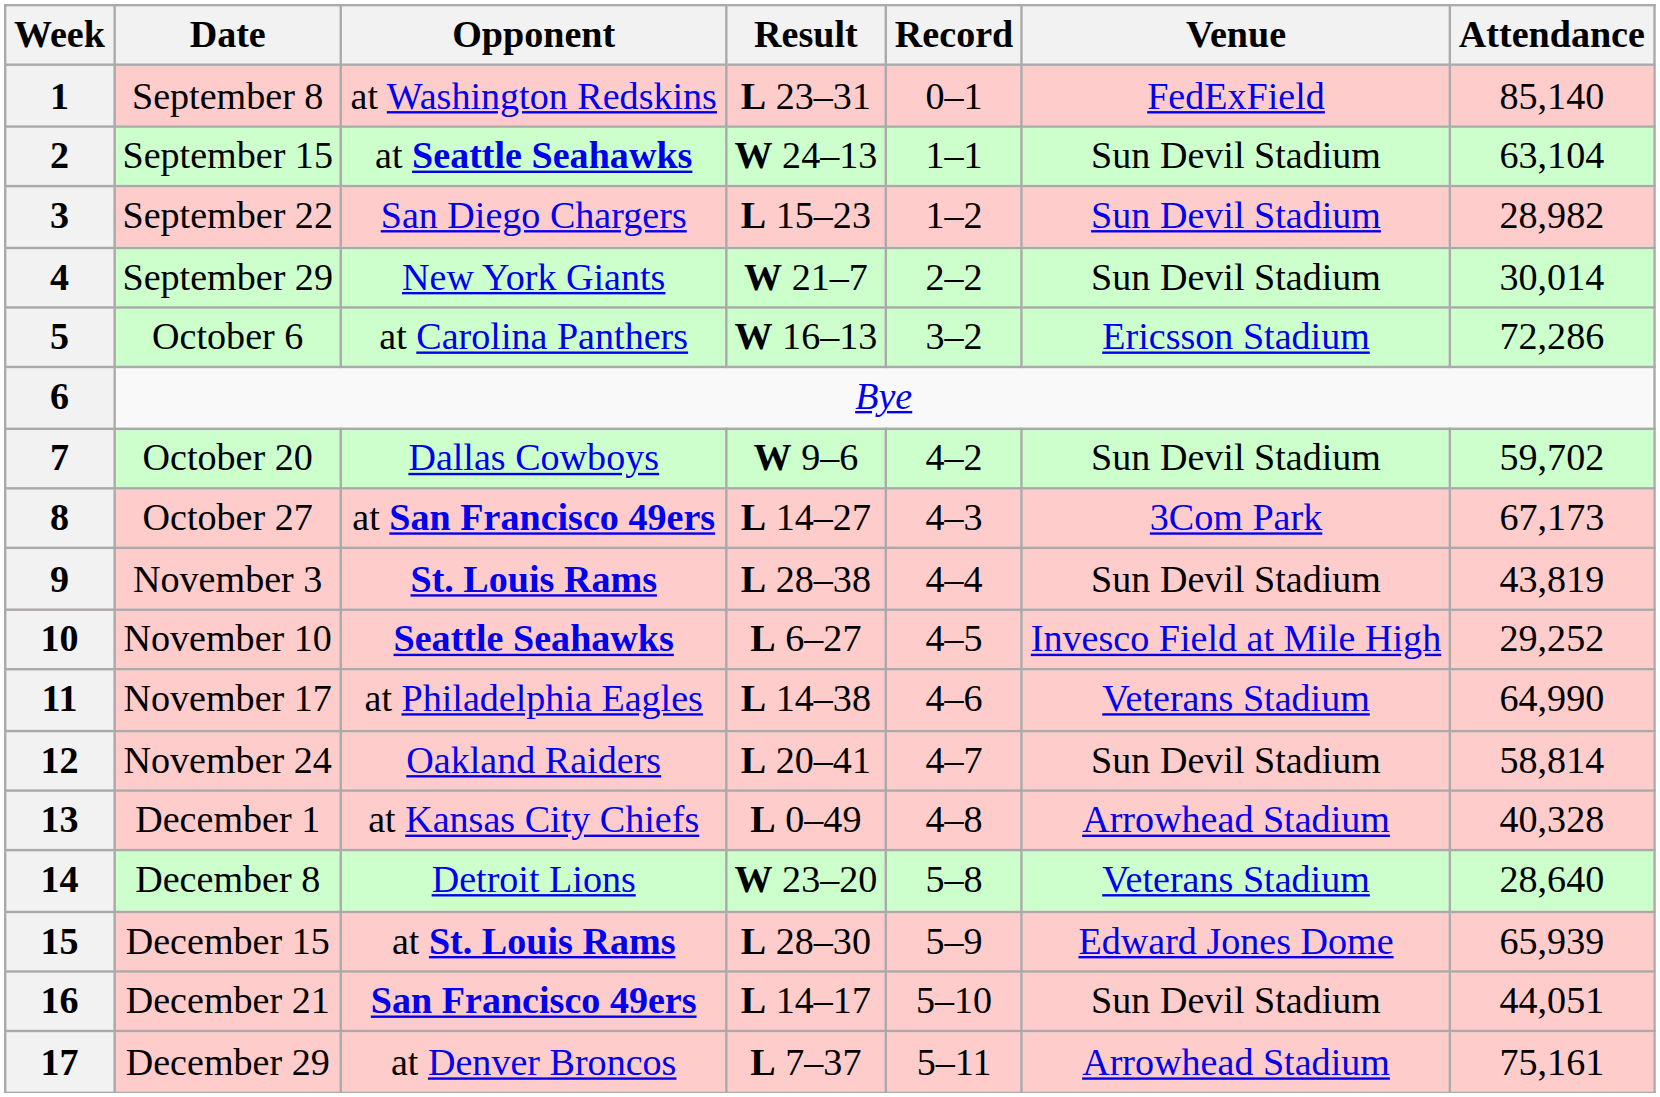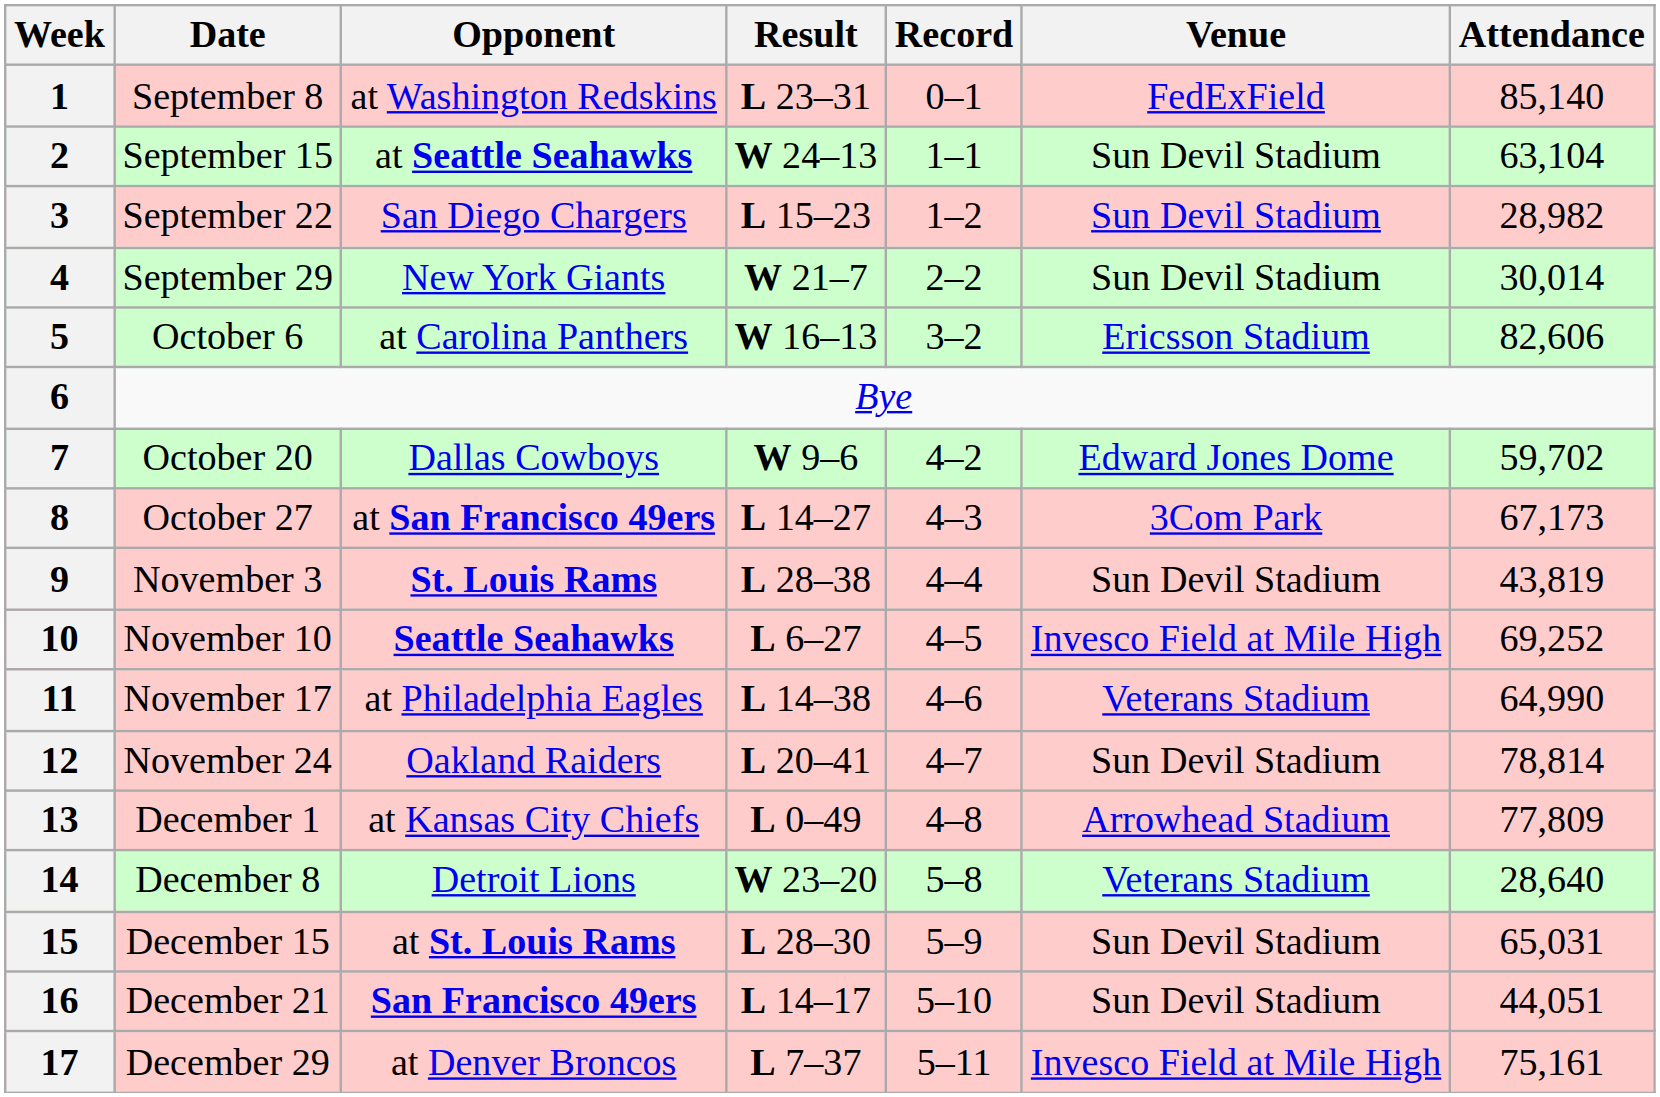 <table class="wikitable" style="text-align:center">
 <tr>
 <th>Week</th>
 <th>Date</th>
 <th>Opponent</th>
 <th>Result</th>
 <th>Record</th>
 <th>Venue</th>
 <th>Attendance</th>
 </tr>
 <tr style="background:#fcc">
 <th>1</th>
 <td>September 8</td>
 <td>at <a href='#'>Washington Redskins</a></td>
 <td><strong>L</strong> 23–31</td>
 <td>0–1</td>
 <td><a href='#'>FedExField</a></td>
 <td>85,140</td>
 </tr>
 <tr style="background:#cfc">
 <th>2</th>
 <td>September 15</td>
 <td>at <strong><a href='#'>Seattle Seahawks</a></strong></td>
 <td><strong>W</strong> 24–13</td>
 <td>1–1</td>
 <td>Sun Devil Stadium</td>
 <td>63,104</td>
 </tr>
 <tr style="background:#fcc">
 <th>3</th>
 <td>September 22</td>
 <td><a href='#'>San Diego Chargers</a></td>
 <td><strong>L</strong> 15–23</td>
 <td>1–2</td>
 <td><a href='#'>Sun Devil Stadium</a></td>
 <td>28,982</td>
 </tr>
 <tr style="background:#cfc">
 <th>4</th>
 <td>September 29</td>
 <td><a href='#'>New York Giants</a></td>
 <td><strong>W</strong> 21–7</td>
 <td>2–2</td>
 <td>Sun Devil Stadium</td>
 <td>30,014</td>
 </tr>
 <tr style="background:#cfc">
 <th>5</th>
 <td>October 6</td>
 <td>at <a href='#'>Carolina Panthers</a></td>
 <td><strong>W</strong> 16–13</td>
 <td>3–2</td>
 <td><a href='#'>Ericsson Stadium</a></td>
-<td>72,286</td>
+<td>82,606</td>
 </tr>
 <tr>
 <th>6</th>
 <td colspan="7"><em><a href='#'>Bye</a></em></td>
 </tr>
 <tr style="background:#cfc">
 <th>7</th>
 <td>October 20</td>
 <td><a href='#'>Dallas Cowboys</a></td>
 <td><strong>W</strong> 9–6 </td>
 <td>4–2</td>
-<td>Sun Devil Stadium</td>
+<td><a href='#'>Edward Jones Dome</a></td>
 <td>59,702</td>
 </tr>
 <tr style="background:#fcc">
 <th>8</th>
 <td>October 27</td>
 <td>at <strong><a href='#'>San Francisco 49ers</a></strong></td>
 <td><strong>L</strong> 14–27</td>
 <td>4–3</td>
 <td><a href='#'>3Com Park</a></td>
 <td>67,173</td>
 </tr>
 <tr style="background:#fcc">
 <th>9</th>
 <td>November 3</td>
 <td><strong><a href='#'>St. Louis Rams</a></strong></td>
 <td><strong>L</strong> 28–38</td>
 <td>4–4</td>
 <td>Sun Devil Stadium</td>
 <td>43,819</td>
 </tr>
 <tr style="background:#fcc">
 <th>10</th>
 <td>November 10</td>
 <td><strong><a href='#'>Seattle Seahawks</a></strong></td>
 <td><strong>L</strong> 6–27</td>
 <td>4–5</td>
 <td><a href='#'>Invesco Field at Mile High</a></td>
-<td>29,252</td>
+<td>69,252</td>
 </tr>
 <tr style="background:#fcc">
 <th>11</th>
 <td>November 17</td>
 <td>at <a href='#'>Philadelphia Eagles</a></td>
 <td><strong>L</strong> 14–38</td>
 <td>4–6</td>
 <td><a href='#'>Veterans Stadium</a></td>
 <td>64,990</td>
 </tr>
 <tr style="background:#fcc">
 <th>12</th>
 <td>November 24</td>
 <td><a href='#'>Oakland Raiders</a></td>
 <td><strong>L</strong> 20–41</td>
 <td>4–7</td>
 <td>Sun Devil Stadium</td>
-<td>58,814</td>
+<td>78,814</td>
 </tr>
 <tr style="background:#fcc">
 <th>13</th>
 <td>December 1</td>
 <td>at <a href='#'>Kansas City Chiefs</a></td>
 <td><strong>L</strong> 0–49</td>
 <td>4–8</td>
 <td><a href='#'>Arrowhead Stadium</a></td>
-<td>40,328</td>
+<td>77,809</td>
 </tr>
 <tr style="background:#cfc">
 <th>14</th>
 <td>December 8</td>
 <td><a href='#'>Detroit Lions</a></td>
 <td><strong>W</strong> 23–20 </td>
 <td>5–8</td>
 <td><a href='#'>Veterans Stadium</a></td>
 <td>28,640</td>
 </tr>
 <tr style="background:#fcc">
 <th>15</th>
 <td>December 15</td>
 <td>at <strong><a href='#'>St. Louis Rams</a></strong></td>
 <td><strong>L</strong> 28–30</td>
 <td>5–9</td>
-<td><a href='#'>Edward Jones Dome</a></td>
-<td>65,939</td>
+<td>Sun Devil Stadium</td>
+<td>65,031</td>
 </tr>
 <tr style="background:#fcc">
 <th>16</th>
 <td>December 21</td>
 <td><strong><a href='#'>San Francisco 49ers</a></strong></td>
 <td><strong>L</strong> 14–17</td>
 <td>5–10</td>
 <td>Sun Devil Stadium</td>
 <td>44,051</td>
 </tr>
 <tr style="background:#fcc">
 <th>17</th>
 <td>December 29</td>
 <td>at <a href='#'>Denver Broncos</a></td>
 <td><strong>L</strong> 7–37</td>
 <td>5–11</td>
-<td><a href='#'>Arrowhead Stadium</a></td>
+<td><a href='#'>Invesco Field at Mile High</a></td>
 <td>75,161</td>
 </tr>
 </table>
